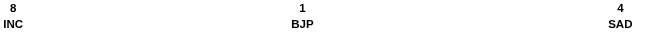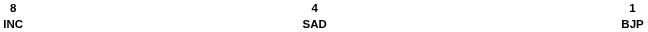 <table style="width:100%; text-align:center;">
 <tr>
 <td style="background:"><strong>8</strong></td>
+<td style="background:"><strong>4</strong></td>
 <td style="background:"><strong>1</strong></td>
-<td style="background:"><strong>4</strong></td>
 </tr>
 <tr>
 <td><span><strong>INC</strong></span></td>
+<td><span><strong>SAD</strong></span></td>
 <td><span><strong>BJP</strong></span></td>
-<td><span><strong>SAD</strong></span></td>
 </tr>
 </table>
